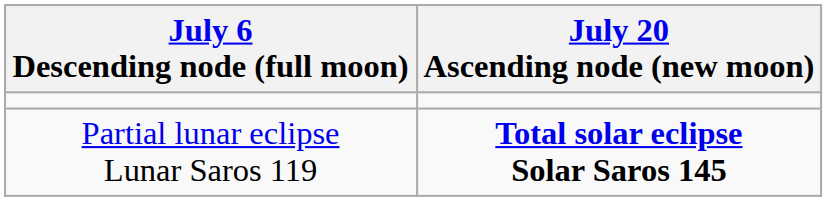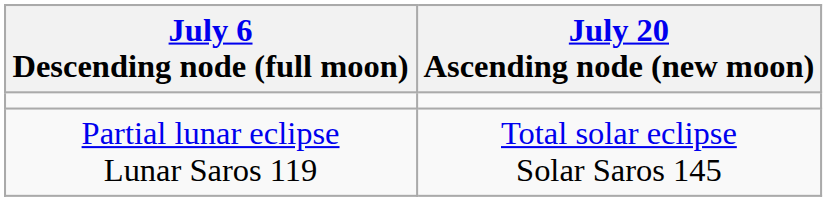 <table class="wikitable">
 <tr>
 <th><a href='#'>July 6</a><br>Descending node (full moon)</th>
 <th><a href='#'>July 20</a><br>Ascending node (new moon)<br></th>
 </tr>
 <tr>
 <td></td>
 <td></td>
 </tr>
 <tr align=center>
 <td><a href='#'>Partial lunar eclipse</a><br>Lunar Saros 119</td>
-<td><strong><a href='#'>Total solar eclipse</a><br>Solar Saros 145</strong></td>
+<td><a href='#'>Total solar eclipse</a><br>Solar Saros 145</td>
 </tr>
 </table>
